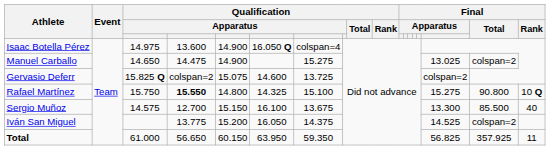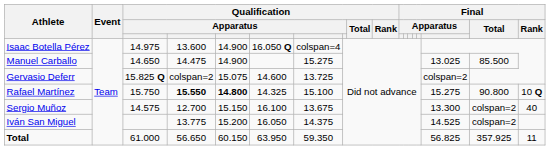 <table class="wikitable" style="font-size:90%">
 <tr>
 <th rowspan=3>Athlete</th>
 <th rowspan=3>Event</th>
 <th colspan =8>Qualification</th>
 <th colspan =8>Final</th>
 </tr>
 <tr style="font-size:95%">
 <th colspan=6>Apparatus</th>
 <th rowspan=2>Total</th>
 <th rowspan=2>Rank</th>
 <th colspan=6>Apparatus</th>
 <th rowspan=2>Total</th>
 <th rowspan=2>Rank</th>
 </tr>
 <tr style="font-size:95%">
 <th></th>
 <th></th>
 <th></th>
 <th></th>
 <th></th>
 <th></th>
 <th></th>
 <th></th>
 <th></th>
 <th></th>
 <th></th>
 <th></th>
 </tr>
 <tr align=center>
 <td align=left><a href='#'>Isaac Botella Pérez</a></td>
 <td rowspan=7 align=left><a href='#'>Team</a></td>
 <td>14.975</td>
 <td>13.600</td>
 <td>14.900</td>
 <td>16.050 <strong>Q</strong></td>
 <td>colspan=4 </td>
 <td rowspan=7 colspan=8>Did not advance</td>
 </tr>
 <tr align=center>
 <td align=left><a href='#'>Manuel Carballo</a></td>
 <td>14.650</td>
 <td>14.475</td>
 <td>14.900</td>
 <td></td>
 <td>15.275</td>
 <td>13.025</td>
-<td>colspan=2 </td>
+<td>85.500</td>
 </tr>
 <tr align=center>
 <td align=left><a href='#'>Gervasio Deferr</a></td>
 <td>15.825 <strong>Q</strong></td>
 <td>colspan=2 </td>
 <td>15.075</td>
 <td>14.600</td>
 <td>13.725</td>
 <td>colspan=2 </td>
 </tr>
 <tr align=center>
 <td align=left><a href='#'>Rafael Martínez</a></td>
 <td>15.750</td>
 <td><strong>15.550</strong></td>
-<td>14.800</td>
+<td><strong>14.800</strong></td>
 <td>14.325</td>
 <td>15.100</td>
 <td>15.275</td>
 <td>90.800</td>
 <td>10 <strong>Q</strong></td>
 </tr>
 <tr align=center>
 <td align=left><a href='#'>Sergio Muñoz</a></td>
 <td>14.575</td>
 <td>12.700</td>
 <td>15.150</td>
 <td>16.100</td>
 <td>13.675</td>
 <td>13.300</td>
-<td>85.500</td>
+<td>colspan=2 </td>
 <td>40</td>
 </tr>
 <tr align=center>
 <td align=left><a href='#'>Iván San Miguel</a></td>
 <td></td>
 <td>13.775</td>
 <td>15.200</td>
 <td>16.050</td>
 <td>14.375</td>
 <td>14.525</td>
 <td>colspan=2 </td>
 </tr>
 <tr align=center>
 <td align=left><strong>Total</strong></td>
 <td>61.000</td>
 <td>56.650</td>
 <td>60.150</td>
 <td>63.950</td>
 <td>59.350</td>
 <td>56.825</td>
 <td>357.925</td>
 <td>11</td>
 </tr>
 </table>
